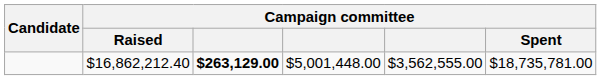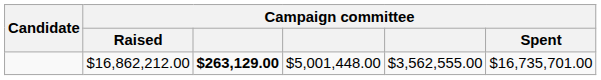 <table class="wikitable sortable" style="font-size:90%;text-align:center;">
 <tr>
 <th rowspan="2">Candidate</th>
 <th colspan="8">Campaign committee</th>
 </tr>
 <tr>
 <th>Raised</th>
 <th></th>
 <th></th>
 <th></th>
 <th>Spent</th>
 </tr>
 <tr>
 <td></td>
-<td>$16,862,212.40</td>
+<td>$16,862,212.00</td>
 <td><strong>$263,129.00</strong></td>
 <td>$5,001,448.00</td>
 <td>$3,562,555.00</td>
-<td>$18,735,781.00</td>
+<td>$16,735,701.00</td>
 </tr>
 </table>
